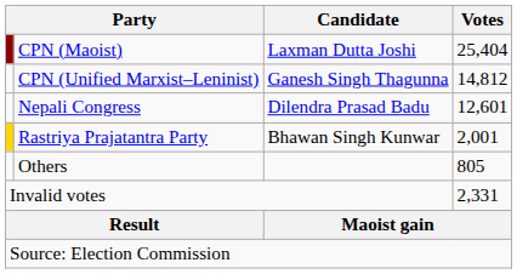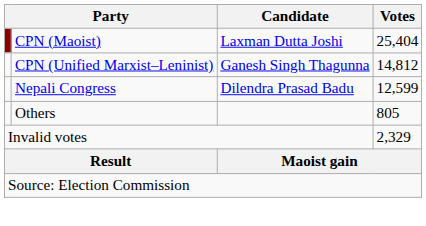 <table class="wikitable">
 <tr>
 <th colspan="2">Party</th>
 <th>Candidate</th>
 <th>Votes</th>
 </tr>
 <tr>
 <td style="background-color:darkred"></td>
 <td><a href='#'>CPN (Maoist)</a></td>
 <td><a href='#'>Laxman Dutta Joshi</a></td>
 <td>25,404</td>
 </tr>
 <tr>
 <td style="background-color:"></td>
 <td><a href='#'>CPN (Unified Marxist–Leninist)</a></td>
 <td><a href='#'>Ganesh Singh Thagunna</a></td>
 <td>14,812</td>
 </tr>
 <tr>
 <td style="background-color:"></td>
 <td><a href='#'>Nepali Congress</a></td>
 <td><a href='#'>Dilendra Prasad Badu</a></td>
-<td>12,601</td>
-</tr>
-<tr>
-<td style="background-color:gold"></td>
-<td><a href='#'>Rastriya Prajatantra Party</a></td>
-<td>Bhawan Singh Kunwar</td>
-<td>2,001</td>
+<td>12,599</td>
 </tr>
 <tr>
 <td></td>
 <td>Others</td>
 <td></td>
 <td>805</td>
 </tr>
 <tr>
 <td colspan="3">Invalid votes</td>
-<td>2,331</td>
+<td>2,329</td>
 </tr>
 <tr>
 <th colspan="2">Result</th>
 <th colspan="2">Maoist gain</th>
 </tr>
 <tr>
 <td colspan="4">Source: Election Commission</td>
 </tr>
 </table>
